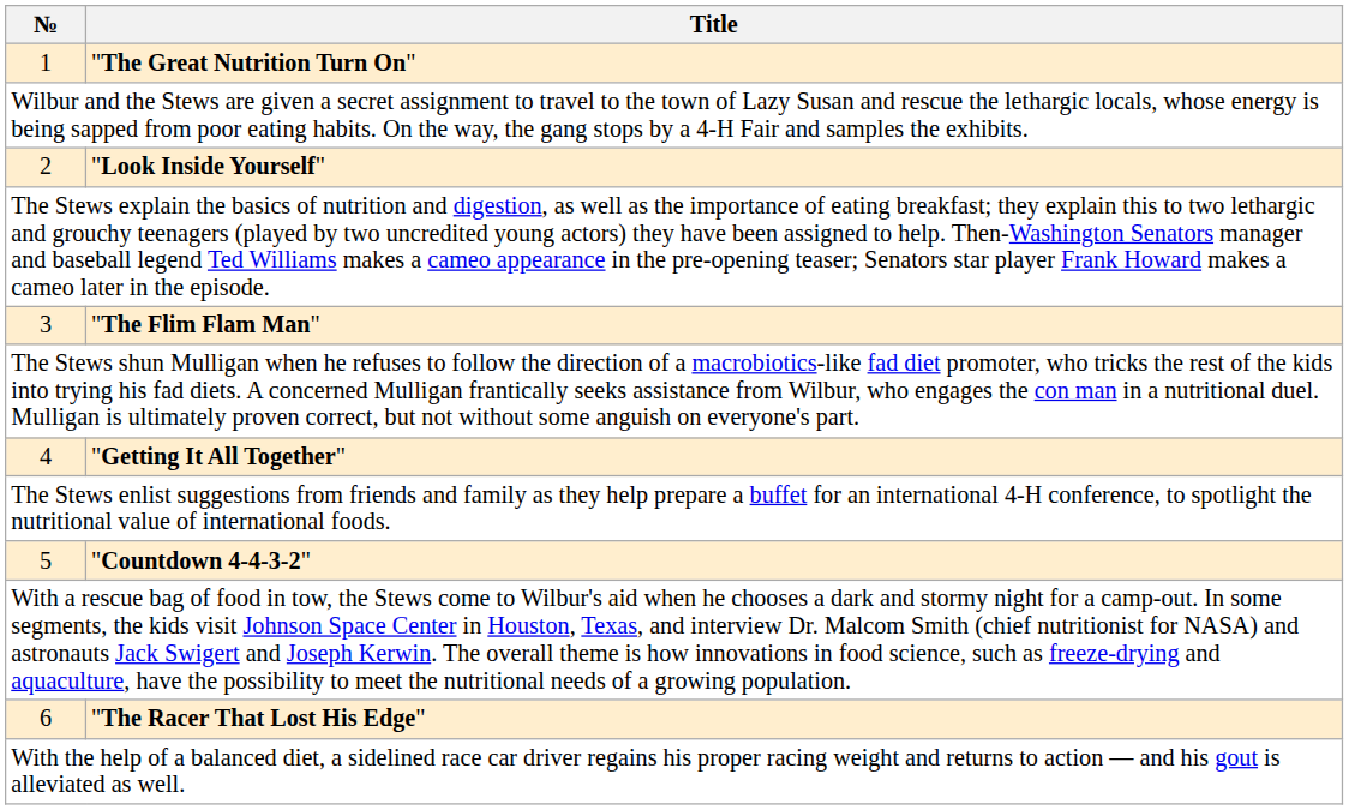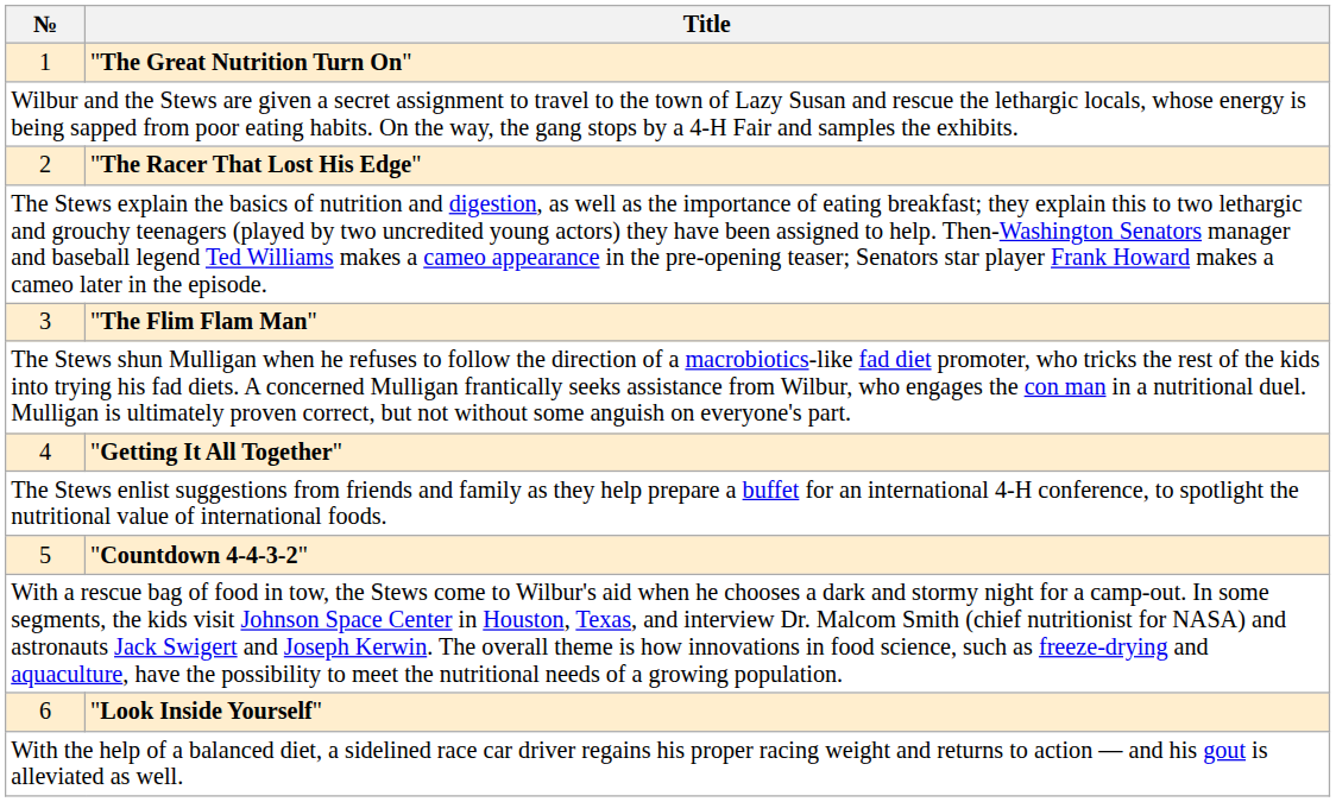 <table class=wikitable style="width:70%; background:#FFFFFF">
 <tr>
 <th width=6%>№</th>
 <th>Title</th>
 </tr>
 <tr bgcolor="FFEECE">
 <td align="center">1</td>
 <td>"<strong>The Great Nutrition Turn On</strong>"</td>
 </tr>
 <tr>
 <td colspan=2>Wilbur and the Stews are given a secret assignment to travel to the town of Lazy Susan and rescue the lethargic locals, whose energy is being sapped from poor eating habits. On the way, the gang stops by a 4-H Fair and samples the exhibits.</td>
 </tr>
 <tr bgcolor="FFEECE">
 <td align="center">2</td>
-<td>"<strong>Look Inside Yourself</strong>"</td>
+<td>"<strong>The Racer That Lost His Edge</strong>"</td>
 </tr>
 <tr>
 <td colspan=2>The Stews explain the basics of nutrition and <a href='#'>digestion</a>, as well as the importance of eating breakfast; they explain this to two lethargic and grouchy teenagers (played by two uncredited young actors) they have been assigned to help. Then-<a href='#'>Washington Senators</a> manager and baseball legend <a href='#'>Ted Williams</a> makes a <a href='#'>cameo appearance</a> in the pre-opening teaser; Senators star player <a href='#'>Frank Howard</a> makes a cameo later in the episode.</td>
 </tr>
 <tr bgcolor="FFEECE">
 <td align="center">3</td>
 <td>"<strong>The Flim Flam Man</strong>"</td>
 </tr>
 <tr>
 <td colspan=2>The Stews shun Mulligan when he refuses to follow the direction of a <a href='#'>macrobiotics</a>-like <a href='#'>fad diet</a> promoter, who tricks the rest of the kids into trying his fad diets. A concerned Mulligan frantically seeks assistance from Wilbur, who engages the <a href='#'>con man</a> in a nutritional duel. Mulligan is ultimately proven correct, but not without some anguish on everyone's part.</td>
 </tr>
 <tr bgcolor="FFEECE">
 <td align="center">4</td>
 <td>"<strong>Getting It All Together</strong>"</td>
 </tr>
 <tr>
 <td colspan=2>The Stews enlist suggestions from friends and family as they help prepare a <a href='#'>buffet</a> for an international 4-H conference, to spotlight the nutritional value of international foods.</td>
 </tr>
 <tr bgcolor="FFEECE">
 <td align="center">5</td>
 <td>"<strong>Countdown 4-4-3-2</strong>"</td>
 </tr>
 <tr>
 <td colspan=2>With a rescue bag of food in tow, the Stews come to Wilbur's aid when he chooses a dark and stormy night for a camp-out. In some segments, the kids visit <a href='#'>Johnson Space Center</a> in <a href='#'>Houston</a>, <a href='#'>Texas</a>, and interview Dr. Malcom Smith (chief nutritionist for NASA) and astronauts <a href='#'>Jack Swigert</a> and <a href='#'>Joseph Kerwin</a>. The overall theme is how innovations in food science, such as <a href='#'>freeze-drying</a> and <a href='#'>aquaculture</a>, have the possibility to meet the nutritional needs of a growing population.</td>
 </tr>
 <tr bgcolor="FFEECE">
 <td align="center">6</td>
-<td>"<strong>The Racer That Lost His Edge</strong>"</td>
+<td>"<strong>Look Inside Yourself</strong>"</td>
 </tr>
 <tr>
 <td colspan=2>With the help of a balanced diet, a sidelined race car driver regains his proper racing weight and returns to action — and his <a href='#'>gout</a> is alleviated as well.</td>
 </tr>
 </table>
